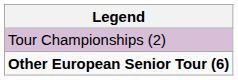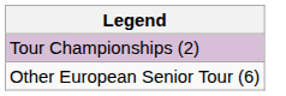 <table class="wikitable" style="font-size:95%;">
 <tr>
 <th>Legend</th>
 </tr>
 <tr style="background:thistle;">
 <td>Tour Championships (2)</td>
 </tr>
 <tr>
-<td><strong>Other European Senior Tour (6)</strong></td>
+<td>Other European Senior Tour (6)</td>
 </tr>
 </table>
